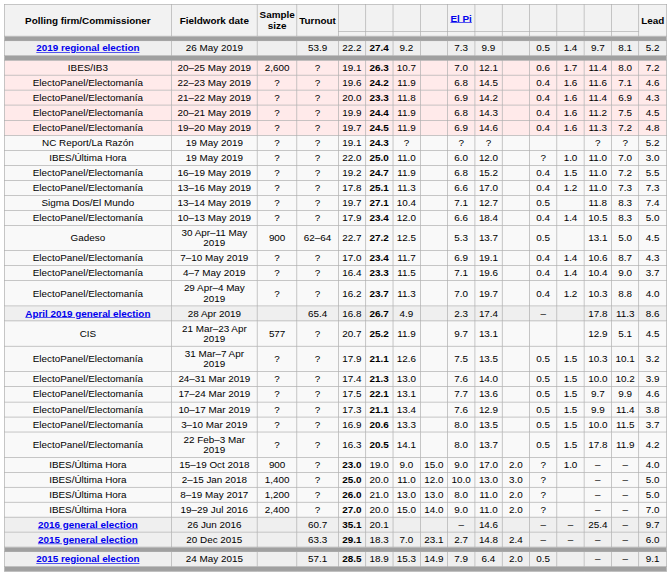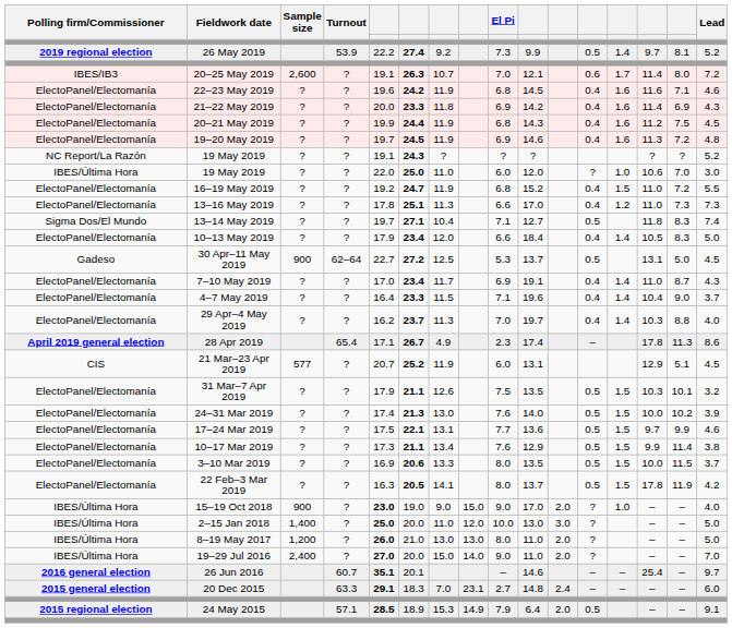 <table class="wikitable collapsible collapsed" style="text-align:center; font-size:95%; line-height:16px;">
 <tr style="height:42px;">
 <th style="width:250px;" rowspan="2">Polling firm/Commissioner</th>
 <th style="width:125px;" rowspan="2">Fieldwork date</th>
 <th style="width:50px;" rowspan="2">Sample size</th>
 <th style="width:45px;" rowspan="2">Turnout</th>
 <th style="width:35px;"></th>
 <th style="width:35px;"></th>
 <th style="width:35px;"></th>
 <th style="width:35px;"></th>
 <th style="width:35px;"><a href='#'>El Pi</a></th>
 <th style="width:35px;"></th>
 <th style="width:35px;"></th>
 <th style="width:35px;"></th>
 <th style="width:35px;"></th>
 <th style="width:35px;"></th>
 <th style="width:35px;"></th>
 <th style="width:30px;" rowspan="2">Lead</th>
 </tr>
 <tr>
 <th style="color:inherit;background:"></th>
 <th style="color:inherit;background:"></th>
 <th style="color:inherit;background:"></th>
 <th style="color:inherit;background:"></th>
 <th style="color:inherit;background:"></th>
 <th style="color:inherit;background:"></th>
 <th style="color:inherit;background:"></th>
 <th style="color:inherit;background:"></th>
 <th style="color:inherit;background:"></th>
 <th style="color:inherit;background:"></th>
 <th style="color:inherit;background:"></th>
 </tr>
 <tr>
 <td colspan="16" style="background:#A0A0A0"></td>
 </tr>
 <tr style="background:#EFEFEF;">
 <td><strong><a href='#'>2019 regional election</a></strong></td>
 <td>26 May 2019</td>
 <td></td>
 <td>53.9</td>
 <td>22.2<br></td>
 <td><strong>27.4</strong><br></td>
 <td>9.2<br></td>
 <td></td>
 <td>7.3<br></td>
 <td>9.9<br></td>
 <td></td>
 <td>0.5<br></td>
 <td>1.4<br></td>
 <td>9.7<br></td>
 <td>8.1<br></td>
 <td style="background:">5.2</td>
 </tr>
 <tr>
 <td colspan="16" style="background:#A0A0A0"></td>
 </tr>
 <tr style="background:#FFEAEA;">
 <td>IBES/IB3</td>
 <td>20–25 May 2019</td>
 <td>2,600</td>
 <td>?</td>
 <td>19.1<br></td>
 <td><strong>26.3</strong><br></td>
 <td>10.7<br></td>
 <td></td>
 <td>7.0<br></td>
 <td>12.1<br></td>
 <td></td>
 <td>0.6<br></td>
 <td>1.7<br></td>
 <td>11.4<br></td>
 <td>8.0<br></td>
 <td style="background:">7.2</td>
 </tr>
 <tr style="background:#FFEAEA;">
 <td>ElectoPanel/Electomanía</td>
 <td>22–23 May 2019</td>
 <td>?</td>
 <td>?</td>
 <td>19.6<br></td>
 <td><strong>24.2</strong><br></td>
 <td>11.9<br></td>
 <td></td>
 <td>6.8<br></td>
 <td>14.5<br></td>
 <td></td>
 <td>0.4<br></td>
 <td>1.6<br></td>
 <td>11.6<br></td>
 <td>7.1<br></td>
 <td style="background:">4.6</td>
 </tr>
 <tr style="background:#FFEAEA;">
 <td>ElectoPanel/Electomanía</td>
 <td>21–22 May 2019</td>
 <td>?</td>
 <td>?</td>
 <td>20.0<br></td>
 <td><strong>23.3</strong><br></td>
 <td>11.8<br></td>
 <td></td>
 <td>6.9<br></td>
 <td>14.2<br></td>
 <td></td>
 <td>0.4<br></td>
 <td>1.6<br></td>
 <td>11.4<br></td>
 <td>6.9<br></td>
 <td style="background:">4.3</td>
 </tr>
 <tr style="background:#FFEAEA;">
 <td>ElectoPanel/Electomanía</td>
 <td>20–21 May 2019</td>
 <td>?</td>
 <td>?</td>
 <td>19.9<br></td>
 <td><strong>24.4</strong><br></td>
 <td>11.9<br></td>
 <td></td>
 <td>6.8<br></td>
 <td>14.3<br></td>
 <td></td>
 <td>0.4<br></td>
 <td>1.6<br></td>
 <td>11.2<br></td>
 <td>7.5<br></td>
 <td style="background:">4.5</td>
 </tr>
 <tr style="background:#FFEAEA;">
 <td>ElectoPanel/Electomanía</td>
 <td>19–20 May 2019</td>
 <td>?</td>
 <td>?</td>
 <td>19.7<br></td>
 <td><strong>24.5</strong><br></td>
 <td>11.9<br></td>
 <td></td>
 <td>6.9<br></td>
 <td>14.6<br></td>
 <td></td>
 <td>0.4<br></td>
 <td>1.6<br></td>
 <td>11.3<br></td>
 <td>7.2<br></td>
 <td style="background:">4.8</td>
 </tr>
 <tr>
 <td>NC Report/La Razón</td>
 <td>19 May 2019</td>
 <td>?</td>
 <td>?</td>
 <td>19.1<br></td>
 <td><strong>24.3</strong><br></td>
 <td>?<br></td>
 <td></td>
 <td>?<br></td>
 <td>?<br></td>
 <td></td>
 <td></td>
 <td></td>
 <td>?<br></td>
 <td>?<br></td>
 <td style="background:">5.2</td>
 </tr>
 <tr>
 <td>IBES/Última Hora</td>
 <td>19 May 2019</td>
 <td>?</td>
 <td>?</td>
 <td>22.0<br></td>
 <td><strong>25.0</strong><br></td>
 <td>11.0<br></td>
 <td></td>
 <td>6.0<br></td>
 <td>12.0<br></td>
 <td></td>
 <td>?<br></td>
 <td>1.0<br></td>
-<td>11.0<br></td>
+<td>10.6<br></td>
 <td>7.0<br></td>
 <td style="background:">3.0</td>
 </tr>
 <tr>
 <td>ElectoPanel/Electomanía</td>
 <td>16–19 May 2019</td>
 <td>?</td>
 <td>?</td>
 <td>19.2<br></td>
 <td><strong>24.7</strong><br></td>
 <td>11.9<br></td>
 <td></td>
 <td>6.8<br></td>
 <td>15.2<br></td>
 <td></td>
 <td>0.4<br></td>
 <td>1.5<br></td>
 <td>11.0<br></td>
 <td>7.2<br></td>
 <td style="background:">5.5</td>
 </tr>
 <tr>
 <td>ElectoPanel/Electomanía</td>
 <td>13–16 May 2019</td>
 <td>?</td>
 <td>?</td>
 <td>17.8<br></td>
 <td><strong>25.1</strong><br></td>
 <td>11.3<br></td>
 <td></td>
 <td>6.6<br></td>
 <td>17.0<br></td>
 <td></td>
 <td>0.4<br></td>
 <td>1.2<br></td>
 <td>11.0<br></td>
 <td>7.3<br></td>
 <td style="background:">7.3</td>
 </tr>
 <tr>
 <td>Sigma Dos/El Mundo</td>
 <td>13–14 May 2019</td>
 <td>?</td>
 <td>?</td>
 <td>19.7<br></td>
 <td><strong>27.1</strong><br></td>
 <td>10.4<br></td>
 <td></td>
 <td>7.1<br></td>
 <td>12.7<br></td>
 <td></td>
 <td>0.5<br></td>
 <td></td>
 <td>11.8<br></td>
 <td>8.3<br></td>
 <td style="background:">7.4</td>
 </tr>
 <tr>
 <td>ElectoPanel/Electomanía</td>
 <td>10–13 May 2019</td>
 <td>?</td>
 <td>?</td>
 <td>17.9<br></td>
 <td><strong>23.4</strong><br></td>
 <td>12.0<br></td>
 <td></td>
 <td>6.6<br></td>
 <td>18.4<br></td>
 <td></td>
 <td>0.4<br></td>
 <td>1.4<br></td>
 <td>10.5<br></td>
 <td>8.3<br></td>
 <td style="background:">5.0</td>
 </tr>
 <tr>
 <td>Gadeso</td>
 <td>30 Apr–11 May 2019</td>
 <td>900</td>
 <td>62–64</td>
 <td>22.7<br></td>
 <td><strong>27.2</strong><br></td>
 <td>12.5<br></td>
 <td></td>
 <td>5.3<br></td>
 <td>13.7<br></td>
 <td></td>
 <td>0.5<br></td>
 <td></td>
 <td>13.1<br></td>
 <td>5.0<br></td>
 <td style="background:">4.5</td>
 </tr>
 <tr>
 <td>ElectoPanel/Electomanía</td>
 <td>7–10 May 2019</td>
 <td>?</td>
 <td>?</td>
 <td>17.0<br></td>
 <td><strong>23.4</strong><br></td>
 <td>11.7<br></td>
 <td></td>
 <td>6.9<br></td>
 <td>19.1<br></td>
 <td></td>
 <td>0.4<br></td>
 <td>1.4<br></td>
-<td>10.6<br></td>
+<td>11.0<br></td>
 <td>8.7<br></td>
 <td style="background:">4.3</td>
 </tr>
 <tr>
 <td>ElectoPanel/Electomanía</td>
 <td>4–7 May 2019</td>
 <td>?</td>
 <td>?</td>
 <td>16.4<br></td>
 <td><strong>23.3</strong><br></td>
 <td>11.5<br></td>
 <td></td>
 <td>7.1<br></td>
 <td>19.6<br></td>
 <td></td>
 <td>0.4<br></td>
 <td>1.4<br></td>
 <td>10.4<br></td>
 <td>9.0<br></td>
 <td style="background:">3.7</td>
 </tr>
 <tr>
 <td>ElectoPanel/Electomanía</td>
 <td>29 Apr–4 May 2019</td>
 <td>?</td>
 <td>?</td>
 <td>16.2<br></td>
 <td><strong>23.7</strong><br></td>
 <td>11.3<br></td>
 <td></td>
 <td>7.0<br></td>
 <td>19.7<br></td>
 <td></td>
 <td>0.4<br></td>
-<td>1.2<br></td>
+<td>1.4<br></td>
 <td>10.3<br></td>
 <td>8.8<br></td>
 <td style="background:">4.0</td>
 </tr>
 <tr style="background:#EFEFEF;">
 <td><strong><a href='#'>April 2019 general election</a></strong></td>
 <td>28 Apr 2019</td>
 <td></td>
 <td>65.4</td>
-<td>16.8<br></td>
+<td>17.1<br></td>
 <td><strong>26.7</strong><br></td>
 <td>4.9<br></td>
 <td></td>
 <td>2.3<br></td>
 <td>17.4<br></td>
 <td></td>
 <td>–</td>
 <td></td>
 <td>17.8<br></td>
 <td>11.3<br></td>
 <td style="background:">8.6</td>
 </tr>
 <tr>
 <td>CIS</td>
 <td>21 Mar–23 Apr 2019</td>
 <td>577</td>
 <td>?</td>
 <td>20.7<br></td>
 <td><strong>25.2</strong><br></td>
 <td>11.9<br></td>
 <td></td>
-<td>9.7<br></td>
+<td>6.0<br></td>
 <td>13.1<br></td>
 <td></td>
 <td></td>
 <td></td>
 <td>12.9<br></td>
 <td>5.1<br></td>
 <td style="background:">4.5</td>
 </tr>
 <tr>
 <td>ElectoPanel/Electomanía</td>
 <td>31 Mar–7 Apr 2019</td>
 <td>?</td>
 <td>?</td>
 <td>17.9<br></td>
 <td><strong>21.1</strong><br></td>
 <td>12.6<br></td>
 <td></td>
 <td>7.5<br></td>
 <td>13.5<br></td>
 <td></td>
 <td>0.5<br></td>
 <td>1.5<br></td>
 <td>10.3<br></td>
 <td>10.1<br></td>
 <td style="background:">3.2</td>
 </tr>
 <tr>
 <td>ElectoPanel/Electomanía</td>
 <td>24–31 Mar 2019</td>
 <td>?</td>
 <td>?</td>
 <td>17.4<br></td>
 <td><strong>21.3</strong><br></td>
 <td>13.0<br></td>
 <td></td>
 <td>7.6<br></td>
 <td>14.0<br></td>
 <td></td>
 <td>0.5<br></td>
 <td>1.5<br></td>
 <td>10.0<br></td>
 <td>10.2<br></td>
 <td style="background:">3.9</td>
 </tr>
 <tr>
 <td>ElectoPanel/Electomanía</td>
 <td>17–24 Mar 2019</td>
 <td>?</td>
 <td>?</td>
 <td>17.5<br></td>
 <td><strong>22.1</strong><br></td>
 <td>13.1<br></td>
 <td></td>
 <td>7.7<br></td>
 <td>13.6<br></td>
 <td></td>
 <td>0.5<br></td>
 <td>1.5<br></td>
 <td>9.7<br></td>
 <td>9.9<br></td>
 <td style="background:">4.6</td>
 </tr>
 <tr>
 <td>ElectoPanel/Electomanía</td>
 <td>10–17 Mar 2019</td>
 <td>?</td>
 <td>?</td>
 <td>17.3<br></td>
 <td><strong>21.1</strong><br></td>
 <td>13.4<br></td>
 <td></td>
 <td>7.6<br></td>
 <td>12.9<br></td>
 <td></td>
 <td>0.5<br></td>
 <td>1.5<br></td>
 <td>9.9<br></td>
 <td>11.4<br></td>
 <td style="background:">3.8</td>
 </tr>
 <tr>
 <td>ElectoPanel/Electomanía</td>
 <td>3–10 Mar 2019</td>
 <td>?</td>
 <td>?</td>
 <td>16.9<br></td>
 <td><strong>20.6</strong><br></td>
 <td>13.3<br></td>
 <td></td>
 <td>8.0<br></td>
 <td>13.5<br></td>
 <td></td>
 <td>0.5<br></td>
 <td>1.5<br></td>
 <td>10.0<br></td>
 <td>11.5<br></td>
 <td style="background:">3.7</td>
 </tr>
 <tr>
 <td>ElectoPanel/Electomanía</td>
 <td>22 Feb–3 Mar 2019</td>
 <td>?</td>
 <td>?</td>
 <td>16.3<br></td>
 <td><strong>20.5</strong><br></td>
 <td>14.1<br></td>
 <td></td>
 <td>8.0<br></td>
 <td>13.7<br></td>
 <td></td>
 <td>0.5<br></td>
 <td>1.5<br></td>
 <td>17.8<br></td>
 <td>11.9<br></td>
 <td style="background:">4.2</td>
 </tr>
 <tr>
 <td>IBES/Última Hora</td>
 <td>15–19 Oct 2018</td>
 <td>900</td>
 <td>?</td>
 <td><strong>23.0</strong><br></td>
 <td>19.0<br></td>
 <td>9.0<br></td>
 <td>15.0<br></td>
 <td>9.0<br></td>
 <td>17.0<br></td>
 <td>2.0<br></td>
 <td>?<br></td>
 <td>1.0<br></td>
 <td>–</td>
 <td>–</td>
 <td style="background:">4.0</td>
 </tr>
 <tr>
 <td>IBES/Última Hora</td>
 <td>2–15 Jan 2018</td>
 <td>1,400</td>
 <td>?</td>
 <td><strong>25.0</strong><br></td>
 <td>20.0<br></td>
 <td>11.0<br></td>
 <td>12.0<br></td>
 <td>10.0<br></td>
 <td>13.0<br></td>
 <td>3.0<br></td>
 <td>?<br></td>
 <td></td>
 <td>–</td>
 <td>–</td>
 <td style="background:">5.0</td>
 </tr>
 <tr>
 <td>IBES/Última Hora</td>
 <td>8–19 May 2017</td>
 <td>1,200</td>
 <td>?</td>
 <td><strong>26.0</strong><br></td>
 <td>21.0<br></td>
 <td>13.0<br></td>
 <td>13.0<br></td>
 <td>8.0<br></td>
 <td>11.0<br></td>
 <td>2.0<br></td>
 <td>?<br></td>
 <td></td>
 <td>–</td>
 <td>–</td>
 <td style="background:">5.0</td>
 </tr>
 <tr>
 <td>IBES/Última Hora</td>
 <td>19–29 Jul 2016</td>
 <td>2,400</td>
 <td>?</td>
 <td><strong>27.0</strong><br></td>
 <td>20.0<br></td>
 <td>15.0<br></td>
 <td>14.0<br></td>
 <td>9.0<br></td>
 <td>11.0<br></td>
 <td>2.0<br></td>
 <td>?<br></td>
 <td></td>
 <td>–</td>
 <td>–</td>
 <td style="background:">7.0</td>
 </tr>
 <tr style="background:#EFEFEF;">
 <td><strong><a href='#'>2016 general election</a></strong></td>
 <td>26 Jun 2016</td>
 <td></td>
 <td>60.7</td>
 <td><strong>35.1</strong><br></td>
 <td>20.1<br></td>
 <td></td>
 <td></td>
 <td>–</td>
 <td>14.6<br></td>
 <td></td>
 <td>–</td>
 <td>–</td>
 <td>25.4<br></td>
 <td>–</td>
 <td style="background:">9.7</td>
 </tr>
 <tr style="background:#EFEFEF;">
 <td><strong><a href='#'>2015 general election</a></strong></td>
 <td>20 Dec 2015</td>
 <td></td>
 <td>63.3</td>
 <td><strong>29.1</strong><br></td>
 <td>18.3<br></td>
 <td>7.0<br></td>
 <td>23.1<br></td>
 <td>2.7<br></td>
 <td>14.8<br></td>
 <td>2.4<br></td>
 <td>–</td>
 <td>–</td>
 <td>–</td>
 <td>–</td>
 <td style="background:">6.0</td>
 </tr>
 <tr>
 <td colspan="16" style="background:#A0A0A0"></td>
 </tr>
 <tr style="background:#EFEFEF;">
 <td><strong><a href='#'>2015 regional election</a></strong></td>
 <td>24 May 2015</td>
 <td></td>
 <td>57.1</td>
 <td><strong>28.5</strong><br></td>
 <td>18.9<br></td>
 <td>15.3<br></td>
 <td>14.9<br></td>
 <td>7.9<br></td>
 <td>6.4<br></td>
 <td>2.0<br></td>
 <td>0.5<br></td>
 <td></td>
 <td>–</td>
 <td>–</td>
 <td style="background:">9.1</td>
 </tr>
 <tr>
 <td colspan="16" style="background:#A0A0A0"></td>
 </tr>
 </table>
